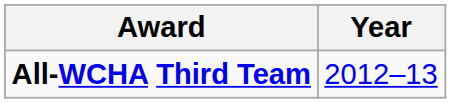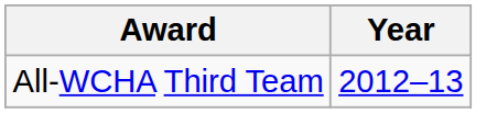 <table class="wikitable">
 <tr>
 <th>Award</th>
 <th>Year</th>
 </tr>
 <tr>
-<td><strong>All-<a href='#'>WCHA</a> <a href='#'>Third Team</a></strong></td>
+<td>All-<a href='#'>WCHA</a> <a href='#'>Third Team</a></td>
 <td><a href='#'>2012–13</a></td>
 </tr>
 </table>
